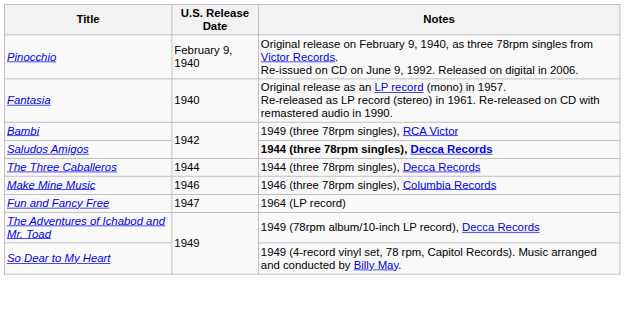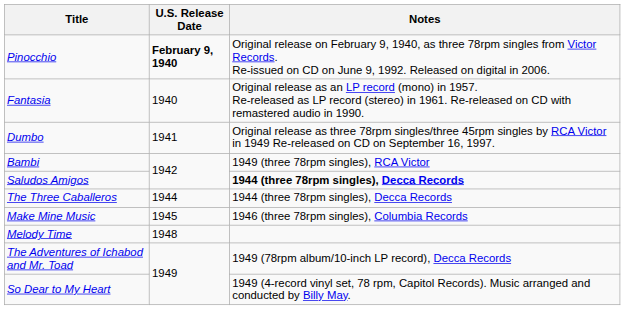 <table class="wikitable">
 <tr>
 <th>Title</th>
 <th>U.S. Release Date</th>
 <th>Notes</th>
 </tr>
 <tr>
 <td><em><a href='#'>Pinocchio</a></em></td>
-<td>February 9, 1940</td>
+<td><strong>February 9, 1940</strong></td>
 <td>Original release on February 9, 1940, as three 78rpm singles from <a href='#'>Victor Records</a>.<br>Re-issued on CD on June 9, 1992. Released on digital in 2006.</td>
 </tr>
 <tr>
 <td><em><a href='#'>Fantasia</a></em></td>
 <td>1940</td>
 <td>Original release as an <a href='#'>LP record</a> (mono) in 1957.<br>Re-released as LP record (stereo) in 1961. Re-released on CD with remastered audio in 1990.</td>
+</tr>
+<tr>
+<td><em><a href='#'>Dumbo</a></em></td>
+<td>1941</td>
+<td>Original release as three 78rpm singles/three 45rpm singles by <a href='#'>RCA Victor</a> in 1949 Re-released on CD on September 16, 1997.</td>
 </tr>
 <tr>
 <td><em><a href='#'>Bambi</a></em></td>
 <td rowspan="2">1942</td>
 <td>1949 (three 78rpm singles), <a href='#'>RCA Victor</a></td>
 </tr>
 <tr>
 <td><em><a href='#'>Saludos Amigos</a></em></td>
 <td><strong>1944 (three 78rpm singles), <a href='#'>Decca Records</a></strong></td>
 </tr>
 <tr>
 <td><em><a href='#'>The Three Caballeros</a></em></td>
 <td>1944</td>
 <td>1944 (three 78rpm singles), <a href='#'>Decca Records</a></td>
 </tr>
 <tr>
 <td><em><a href='#'>Make Mine Music</a></em></td>
-<td>1946</td>
+<td>1945</td>
 <td>1946 (three 78rpm singles), <a href='#'>Columbia Records</a></td>
 </tr>
 <tr>
-<td><em><a href='#'>Fun and Fancy Free</a></em></td>
-<td>1947</td>
-<td>1964 (LP record)</td>
+<td><em><a href='#'>Melody Time</a></em></td>
+<td>1948</td>
+<td></td>
 </tr>
 <tr>
 <td><em><a href='#'>The Adventures of Ichabod and Mr. Toad</a></em></td>
 <td rowspan="2">1949</td>
 <td>1949 (78rpm album/10-inch LP record), <a href='#'>Decca Records</a></td>
 </tr>
 <tr>
 <td><em><a href='#'>So Dear to My Heart</a></em></td>
 <td>1949 (4-record vinyl set, 78 rpm, Capitol Records).  Music arranged and conducted by <a href='#'>Billy May</a>.</td>
 </tr>
 </table>
